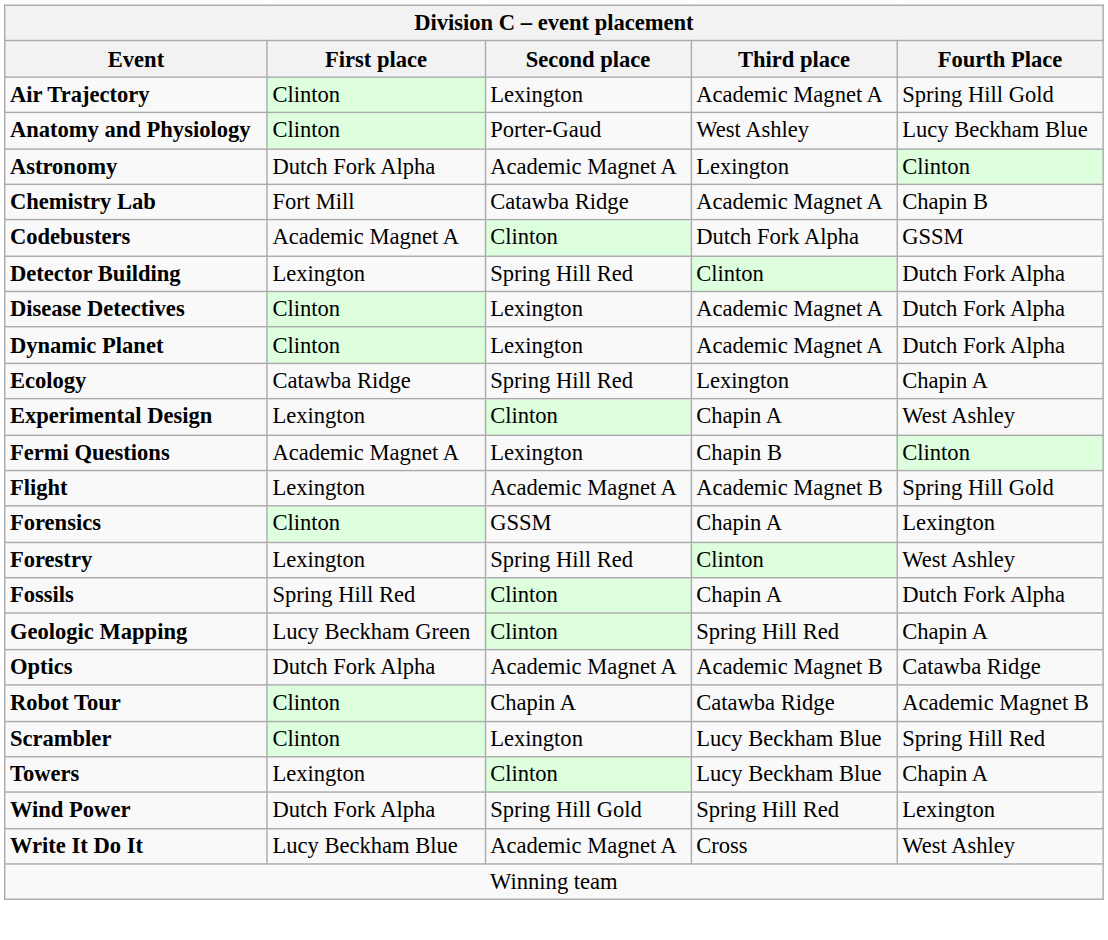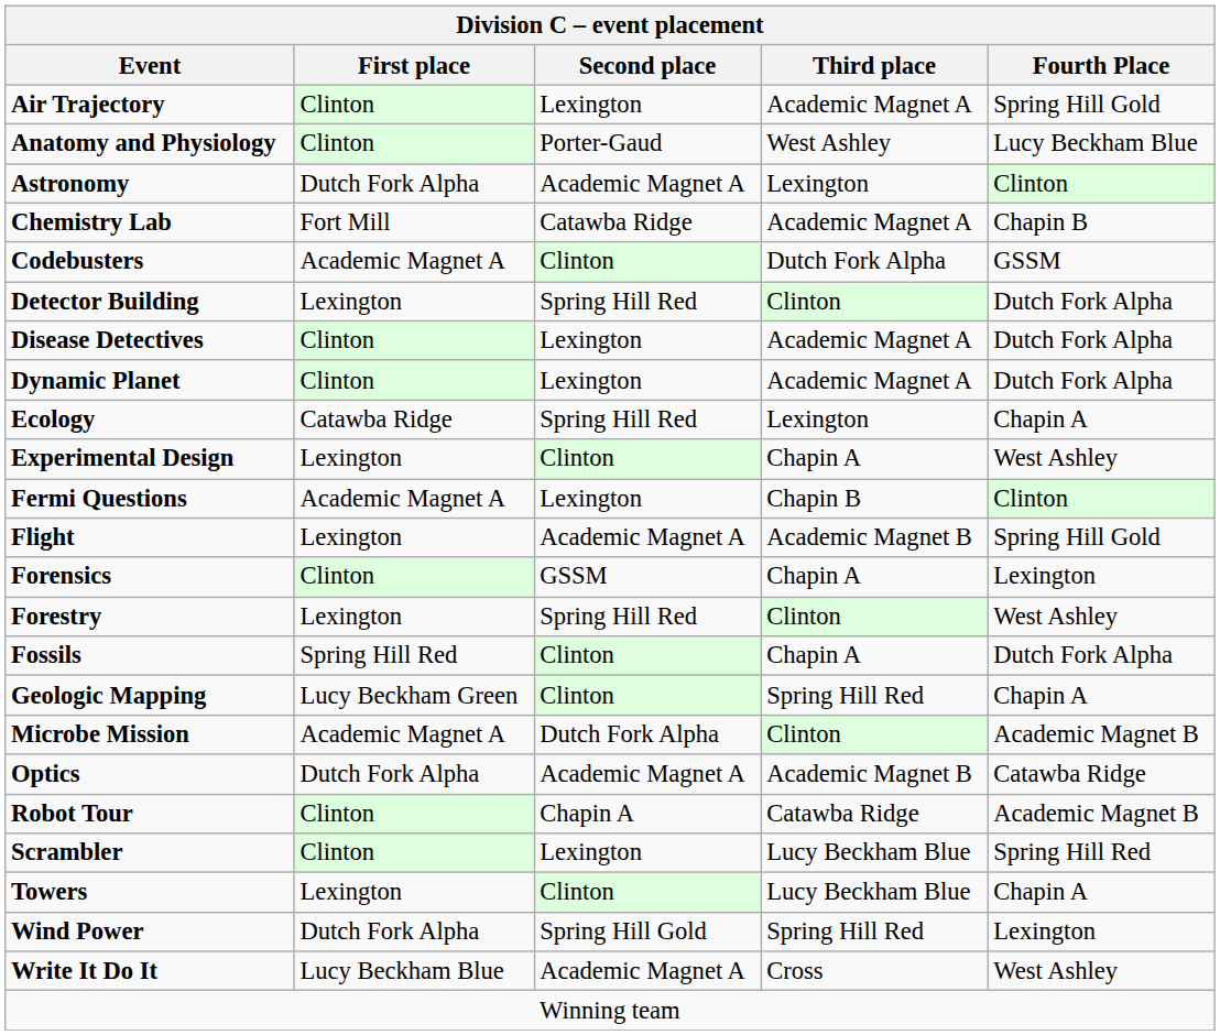 <table class="wikitable collapsible collapsed" style="float:left; width:780px">
 <tr>
 <th colspan=5>Division C – event placement</th>
 </tr>
 <tr>
 <th>Event</th>
 <th>First place</th>
 <th>Second place</th>
 <th>Third place</th>
 <th>Fourth Place</th>
 </tr>
 <tr>
 <td><strong>Air Trajectory</strong></td>
 <td style="background:#ddffdd">Clinton</td>
 <td>Lexington</td>
 <td>Academic Magnet A</td>
 <td>Spring Hill Gold</td>
 </tr>
 <tr>
 <td><strong>Anatomy and Physiology</strong></td>
 <td style="background:#ddffdd">Clinton</td>
 <td>Porter-Gaud</td>
 <td>West Ashley</td>
 <td>Lucy Beckham Blue</td>
 </tr>
 <tr>
 <td><strong>Astronomy</strong></td>
 <td>Dutch Fork Alpha</td>
 <td>Academic Magnet A</td>
 <td>Lexington</td>
 <td style="background:#ddffdd">Clinton</td>
 </tr>
 <tr>
 <td><strong>Chemistry Lab</strong></td>
 <td>Fort Mill</td>
 <td>Catawba Ridge</td>
 <td>Academic Magnet A</td>
 <td>Chapin B</td>
 </tr>
 <tr>
 <td><strong>Codebusters</strong></td>
 <td>Academic Magnet A</td>
 <td style="background:#ddffdd">Clinton</td>
 <td>Dutch Fork Alpha</td>
 <td>GSSM</td>
 </tr>
 <tr>
 <td><strong>Detector Building</strong></td>
 <td>Lexington</td>
 <td>Spring Hill Red</td>
 <td style="background:#ddffdd">Clinton</td>
 <td>Dutch Fork Alpha</td>
 </tr>
 <tr>
 <td><strong>Disease Detectives</strong></td>
 <td style="background:#ddffdd">Clinton</td>
 <td>Lexington</td>
 <td>Academic Magnet A</td>
 <td>Dutch Fork Alpha</td>
 </tr>
 <tr>
 <td><strong>Dynamic Planet</strong></td>
 <td style="background:#ddffdd">Clinton</td>
 <td>Lexington</td>
 <td>Academic Magnet A</td>
 <td>Dutch Fork Alpha</td>
 </tr>
 <tr>
 <td><strong>Ecology</strong></td>
 <td>Catawba Ridge</td>
 <td>Spring Hill Red</td>
 <td>Lexington</td>
 <td>Chapin A</td>
 </tr>
 <tr>
 <td><strong>Experimental Design</strong></td>
 <td>Lexington</td>
 <td style="background:#ddffdd">Clinton</td>
 <td>Chapin A</td>
 <td>West Ashley</td>
 </tr>
 <tr>
 <td><strong>Fermi Questions</strong></td>
 <td>Academic Magnet A</td>
 <td>Lexington</td>
 <td>Chapin B</td>
 <td style="background:#ddffdd">Clinton</td>
 </tr>
 <tr>
 <td><strong>Flight</strong></td>
 <td>Lexington</td>
 <td>Academic Magnet A</td>
 <td>Academic Magnet B</td>
 <td>Spring Hill Gold</td>
 </tr>
 <tr>
 <td><strong>Forensics</strong></td>
 <td style="background:#ddffdd">Clinton</td>
 <td>GSSM</td>
 <td>Chapin A</td>
 <td>Lexington</td>
 </tr>
 <tr>
 <td><strong>Forestry</strong></td>
 <td>Lexington</td>
 <td>Spring Hill Red</td>
 <td style="background:#ddffdd">Clinton</td>
 <td>West Ashley</td>
 </tr>
 <tr>
 <td><strong>Fossils</strong></td>
 <td>Spring Hill Red</td>
 <td style="background:#ddffdd">Clinton</td>
 <td>Chapin A</td>
 <td>Dutch Fork Alpha</td>
 </tr>
 <tr>
 <td><strong>Geologic Mapping</strong></td>
 <td>Lucy Beckham Green</td>
 <td style="background:#ddffdd">Clinton</td>
 <td>Spring Hill Red</td>
 <td>Chapin A</td>
 </tr>
 <tr>
+<td><strong>Microbe Mission</strong></td>
+<td>Academic Magnet A</td>
+<td>Dutch Fork Alpha</td>
+<td style="background:#ddffdd">Clinton</td>
+<td>Academic Magnet B</td>
+</tr>
+<tr>
 <td><strong>Optics</strong></td>
 <td>Dutch Fork Alpha</td>
 <td>Academic Magnet A</td>
 <td>Academic Magnet B</td>
 <td>Catawba Ridge</td>
 </tr>
 <tr>
 <td><strong>Robot Tour</strong></td>
 <td style="background:#ddffdd">Clinton</td>
 <td>Chapin A</td>
 <td>Catawba Ridge</td>
 <td>Academic Magnet B</td>
 </tr>
 <tr>
 <td><strong>Scrambler</strong></td>
 <td style="background:#ddffdd">Clinton</td>
 <td>Lexington</td>
 <td>Lucy Beckham Blue</td>
 <td>Spring Hill Red</td>
 </tr>
 <tr>
 <td><strong>Towers</strong></td>
 <td>Lexington</td>
 <td style="background:#ddffdd">Clinton</td>
 <td>Lucy Beckham Blue</td>
 <td>Chapin A</td>
 </tr>
 <tr>
 <td><strong>Wind Power</strong></td>
 <td>Dutch Fork Alpha</td>
 <td>Spring Hill Gold</td>
 <td>Spring Hill Red</td>
 <td>Lexington</td>
 </tr>
 <tr>
 <td><strong>Write It Do It</strong></td>
 <td>Lucy Beckham Blue</td>
 <td>Academic Magnet A</td>
 <td>Cross</td>
 <td>West Ashley</td>
 </tr>
 <tr>
 <td colspan=5 style=text-align:center> Winning team</td>
 </tr>
 </table>
